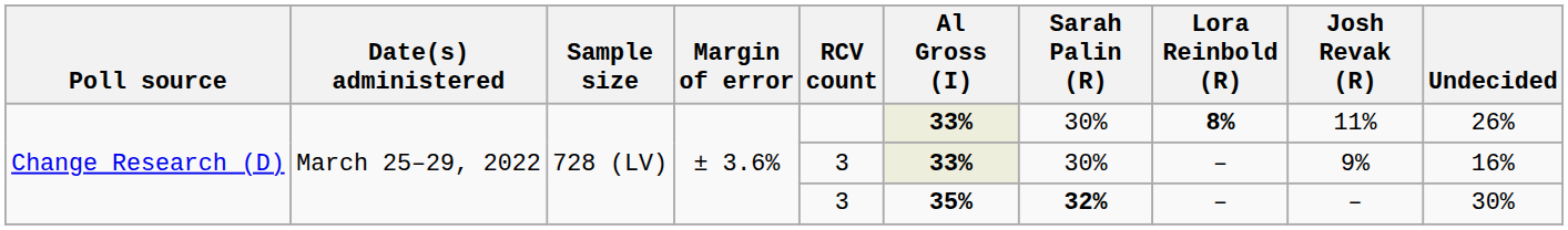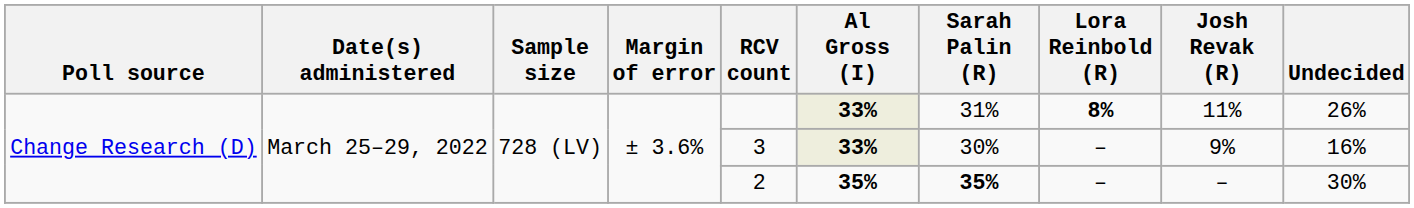 <table class="wikitable" style="font-size:90%;text-align:center;">
 <tr valign=bottom>
 <th>Poll source</th>
 <th>Date(s)<br>administered</th>
 <th>Sample<br>size</th>
 <th>Margin<br>of error</th>
 <th>RCV<br>count</th>
 <th style="width:60px;">Al<br>Gross<br>(I)</th>
 <th style="width:60px;">Sarah<br>Palin<br>(R)</th>
 <th style="width:60px;">Lora<br>Reinbold<br>(R)</th>
 <th style="width:60px;">Josh<br>Revak<br>(R)</th>
 <th>Undecided</th>
 </tr>
 <tr>
 <td style="text-align:left;" rowspan="3"><a href='#'>Change Research (D)</a></td>
 <td rowspan="3">March 25–29, 2022</td>
 <td rowspan="3">728 (LV)</td>
 <td rowspan="3">± 3.6%</td>
 <td></td>
 <td style="background:#eed;"><strong>33%</strong></td>
-<td>30%</td>
+<td>31%</td>
 <td><strong>8%</strong></td>
 <td>11%</td>
 <td>26%</td>
 </tr>
 <tr>
 <td>3</td>
 <td style="background:#eed;"><strong>33%</strong></td>
 <td>30%</td>
 <td>–</td>
 <td>9%</td>
 <td>16%</td>
 </tr>
 <tr>
-<td>3</td>
+<td>2</td>
 <td><strong>35%</strong></td>
-<td><strong>32%</strong></td>
+<td><strong>35%</strong></td>
 <td>–</td>
 <td>–</td>
 <td>30%</td>
 </tr>
 </table>
